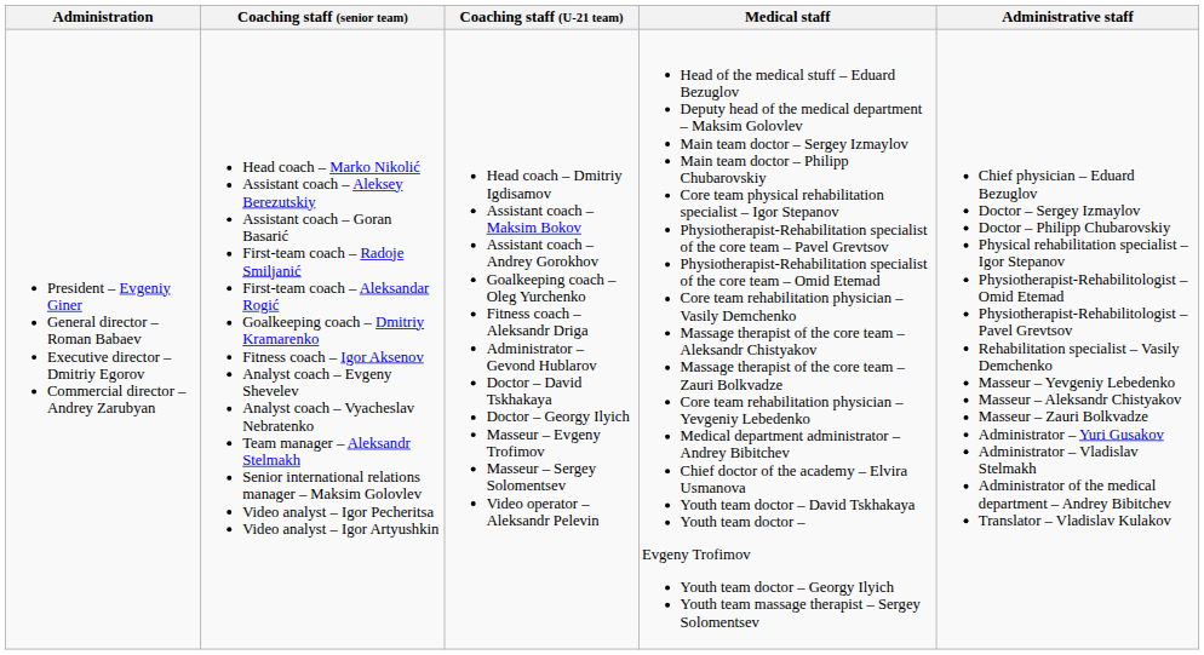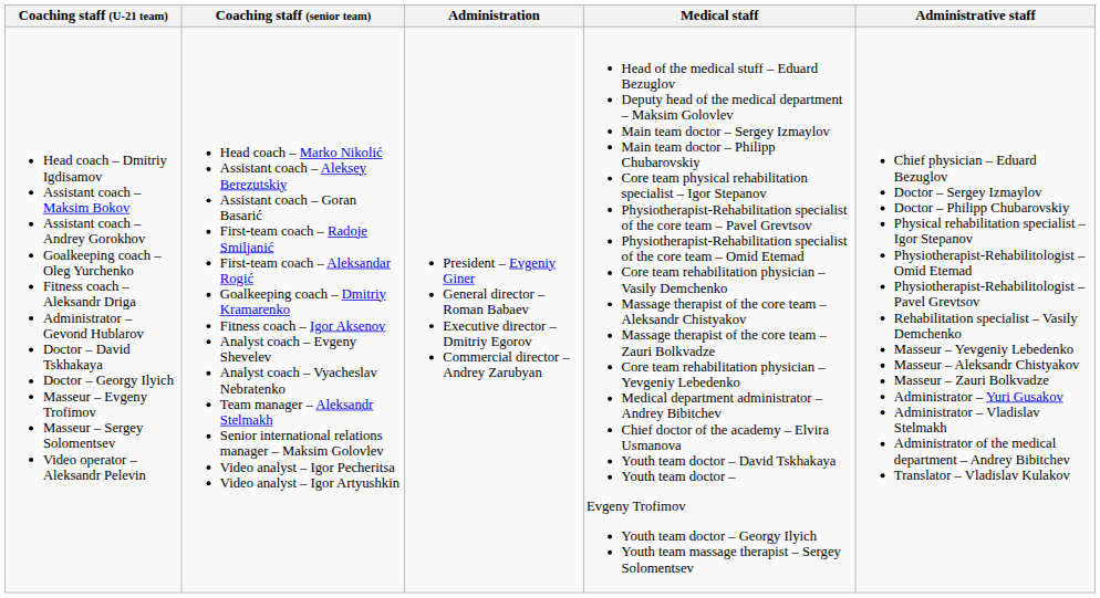 <table class="wikitable">
 <tr>
+<th>Coaching staff <small>(U-21 team)</small></th>
+<th>Coaching staff <small>(senior team)</small></th>
 <th>Administration</th>
-<th>Coaching staff <small>(senior team)</small></th>
-<th>Coaching staff <small>(U-21 team)</small></th>
 <th>Medical staff</th>
 <th>Administrative staff</th>
 </tr>
 <tr>
+<td><br><ul><li>Head coach              –  Dmitriy Igdisamov</li><li>Assistant coach         –  <a href='#'>Maksim Bokov</a></li><li>Assistant coach         –  Andrey Gorokhov</li><li>Goalkeeping coach       –  Oleg Yurchenko</li><li>Fitness coach           –  Aleksandr Driga</li><li>Administrator           –  Gevond Hublarov</li><li>Doctor                  –  David Tskhakaya</li><li>Doctor                  –  Georgy Ilyich</li><li>Masseur                 –  Evgeny Trofimov</li><li>Masseur                 –  Sergey Solomentsev</li><li>Video operator          –  Aleksandr Pelevin</li></ul></td>
+<td><br><ul><li>Head coach              –  <a href='#'>Marko Nikolić</a></li><li>Assistant coach         –  <a href='#'>Aleksey Berezutskiy</a></li><li>Assistant coach         –  Goran Basarić</li><li>First-team coach        –  <a href='#'>Radoje Smiljanić</a></li><li>First-team coach        –  <a href='#'>Aleksandar Rogić</a></li><li>Goalkeeping coach       –  <a href='#'>Dmitriy Kramarenko</a></li><li>Fitness coach           –  <a href='#'>Igor Aksenov</a></li><li>Analyst coach           –  Evgeny Shevelev</li><li>Analyst coach           –  Vyacheslav Nebratenko</li><li>Team manager            –  <a href='#'>Aleksandr Stelmakh</a></li><li>Senior international relations manager            –  Maksim Golovlev</li><li>Video analyst           –  Igor Pecheritsa</li><li>Video analyst           –  Igor Artyushkin</li></ul></td>
 <td><br><ul><li>President               –  <a href='#'>Evgeniy Giner</a></li><li>General director        –  Roman Babaev</li><li>Executive director      –  Dmitriy Egorov</li><li>Commercial director     –  Andrey Zarubyan</li></ul></td>
-<td><br><ul><li>Head coach              –  <a href='#'>Marko Nikolić</a></li><li>Assistant coach         –  <a href='#'>Aleksey Berezutskiy</a></li><li>Assistant coach         –  Goran Basarić</li><li>First-team coach        –  <a href='#'>Radoje Smiljanić</a></li><li>First-team coach        –  <a href='#'>Aleksandar Rogić</a></li><li>Goalkeeping coach       –  <a href='#'>Dmitriy Kramarenko</a></li><li>Fitness coach           –  <a href='#'>Igor Aksenov</a></li><li>Analyst coach           –  Evgeny Shevelev</li><li>Analyst coach           –  Vyacheslav Nebratenko</li><li>Team manager            –  <a href='#'>Aleksandr Stelmakh</a></li><li>Senior international relations manager            –  Maksim Golovlev</li><li>Video analyst           –  Igor Pecheritsa</li><li>Video analyst           –  Igor Artyushkin</li></ul></td>
-<td><br><ul><li>Head coach              –  Dmitriy Igdisamov</li><li>Assistant coach         –  <a href='#'>Maksim Bokov</a></li><li>Assistant coach         –  Andrey Gorokhov</li><li>Goalkeeping coach       –  Oleg Yurchenko</li><li>Fitness coach           –  Aleksandr Driga</li><li>Administrator           –  Gevond Hublarov</li><li>Doctor                  –  David Tskhakaya</li><li>Doctor                  –  Georgy Ilyich</li><li>Masseur                 –  Evgeny Trofimov</li><li>Masseur                 –  Sergey Solomentsev</li><li>Video operator          –  Aleksandr Pelevin</li></ul></td>
 <td><br><ul><li>Head of the medical stuff                  –  Eduard Bezuglov</li><li>Deputy head of the medical department                 –  Maksim Golovlev</li><li>Main team doctor        –  Sergey Izmaylov</li><li>Main team doctor        –  Philipp Chubarovskiy</li><li>Core team physical rehabilitation specialist                –  Igor Stepanov</li><li>Physiotherapist-Rehabilitation specialist of the core team          –  Pavel Grevtsov</li><li>Physiotherapist-Rehabilitation specialist of the core team          –  Omid Etemad</li><li>Core team rehabilitation physician         –  Vasily Demchenko</li><li>Massage therapist of the core team            –  Aleksandr Chistyakov</li><li>Massage therapist of the core team                 –  Zauri Bolkvadze</li><li>Core team rehabilitation physician           –  Yevgeniy Lebedenko</li><li>Medical department administrator           –  Andrey Bibitchev</li><li>Chief doctor of the academy                –  Elvira Usmanova</li><li>Youth team doctor       –  David Tskhakaya</li><li>Youth team doctor       – </li></ul>Evgeny Trofimov<ul><li>Youth team doctor       –  Georgy Ilyich</li><li>Youth team massage therapist               –  Sergey Solomentsev</li></ul></td>
 <td><br><ul><li>Chief physician         –  Eduard Bezuglov</li><li>Doctor                  –  Sergey Izmaylov</li><li>Doctor                  –  Philipp Chubarovskiy</li><li>Physical rehabilitation specialist               –  Igor Stepanov</li><li>Physiotherapist-Rehabilitologist           –  Omid Etemad</li><li>Physiotherapist-Rehabilitologist                 –  Pavel Grevtsov</li><li>Rehabilitation specialist                  –  Vasily Demchenko</li><li>Masseur                 –  Yevgeniy Lebedenko</li><li>Masseur                 –  Aleksandr Chistyakov</li><li>Masseur                 –  Zauri Bolkvadze</li><li>Administrator           –  <a href='#'>Yuri Gusakov</a></li><li>Administrator           –  Vladislav Stelmakh</li><li>Administrator of the medical department        –  Andrey Bibitchev</li><li>Translator              –  Vladislav Kulakov</li></ul></td>
 </tr>
 </table>
